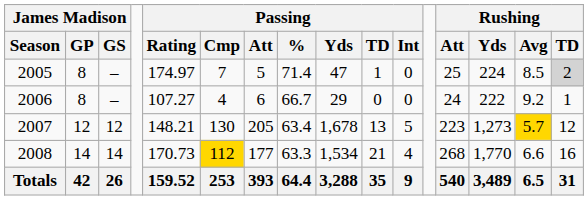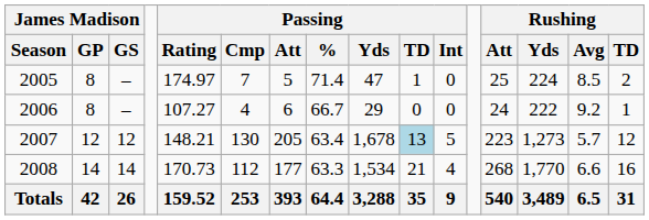 <table class="wikitable" style="text-align:center">
 <tr>
 <th colspan="3"> James Madison</th>
 <td rowspan="7"> </td>
 <th colspan="7">Passing</th>
 <td rowspan="7"> </td>
 <th colspan="4">Rushing</th>
 </tr>
 <tr>
 <th>Season</th>
 <th>GP</th>
 <th>GS</th>
 <th>Rating</th>
 <th>Cmp</th>
 <th>Att</th>
 <th>%</th>
 <th>Yds</th>
 <th>TD</th>
 <th>Int</th>
 <th>Att</th>
 <th>Yds</th>
 <th>Avg</th>
 <th>TD</th>
 </tr>
 <tr>
 <td>2005</td>
 <td>8</td>
 <td>–</td>
 <td>174.97</td>
 <td>7</td>
 <td>5</td>
 <td>71.4</td>
 <td>47</td>
 <td>1</td>
 <td>0</td>
 <td>25</td>
 <td>224</td>
 <td>8.5</td>
-<td style="background: lightgrey;">2</td>
+<td>2</td>
 </tr>
 <tr>
 <td>2006</td>
 <td>8</td>
 <td>–</td>
 <td>107.27</td>
 <td>4</td>
 <td>6</td>
 <td>66.7</td>
 <td>29</td>
 <td>0</td>
 <td>0</td>
 <td>24</td>
 <td>222</td>
 <td>9.2</td>
 <td>1</td>
 </tr>
 <tr>
 <td>2007</td>
 <td>12</td>
 <td>12</td>
 <td>148.21</td>
 <td>130</td>
 <td>205</td>
 <td>63.4</td>
 <td>1,678</td>
-<td>13</td>
+<td style="background: lightblue;">13</td>
 <td>5</td>
 <td>223</td>
 <td>1,273</td>
-<td style="background: gold;">5.7</td>
+<td>5.7</td>
 <td>12</td>
 </tr>
 <tr>
 <td>2008</td>
 <td>14</td>
 <td>14</td>
 <td>170.73</td>
-<td style="background: gold;">112</td>
+<td>112</td>
 <td>177</td>
 <td>63.3</td>
 <td>1,534</td>
 <td>21</td>
 <td>4</td>
 <td>268</td>
 <td>1,770</td>
 <td>6.6</td>
 <td>16</td>
 </tr>
 <tr>
 <th>Totals</th>
 <th>42</th>
 <th>26</th>
 <th>159.52</th>
 <th>253</th>
 <th>393</th>
 <th>64.4</th>
 <th>3,288</th>
 <th>35</th>
 <th>9</th>
 <th>540</th>
 <th>3,489</th>
 <th>6.5</th>
 <th>31</th>
 </tr>
 </table>
